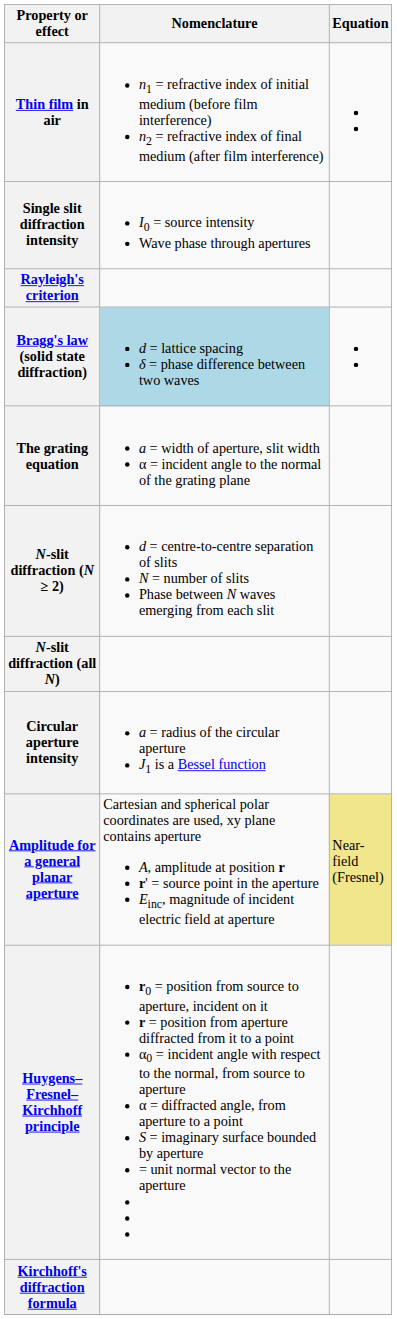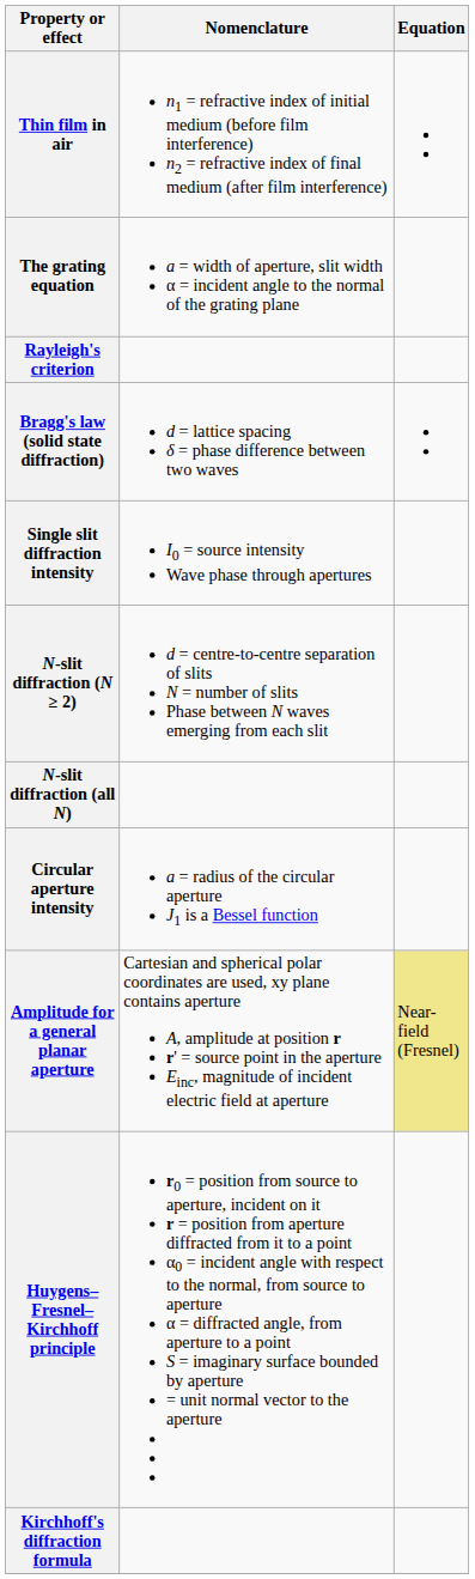 <table class="wikitable">
 <tr>
 <th scope="col" width="100">Property or effect</th>
 <th scope="col" width="250">Nomenclature</th>
 <th scope="col" width="10">Equation</th>
 </tr>
 <tr>
 <th><a href='#'>Thin film</a> in air</th>
 <td><br><ul><li><em>n</em><sub>1</sub> = refractive index of initial medium (before film interference)</li><li><em>n</em><sub>2</sub> = refractive index of final medium (after film interference)</li></ul></td>
 <td><br><ul><li></li><li></li></ul></td>
 </tr>
 <tr>
-<th>Single slit diffraction intensity</th>
-<td><br><ul><li><em>I</em><sub>0</sub> = source intensity</li><li>Wave phase through apertures</li></ul>  </td>
-<td> <br></td>
+<th>The grating equation</th>
+<td><br><ul><li><em>a</em> = width of aperture, slit width</li><li>α = incident angle to the normal of the grating plane</li></ul></td>
+<td></td>
 </tr>
 <tr>
 <th><a href='#'>Rayleigh's criterion</a></th>
 <td></td>
 <td></td>
 </tr>
 <tr>
 <th><a href='#'>Bragg's law</a> (solid state diffraction)</th>
-<td style="background: lightblue;"><br><ul><li><em>d</em> = lattice spacing</li><li><em>δ</em> = phase difference between two waves</li></ul></td>
+<td><br><ul><li><em>d</em> = lattice spacing</li><li><em>δ</em> = phase difference between two waves</li></ul></td>
 <td><br><ul><li></li><li></li></ul><br></td>
 </tr>
 <tr>
-<th>The grating equation</th>
-<td><br><ul><li><em>a</em> = width of aperture, slit width</li><li>α = incident angle to the normal of the grating plane</li></ul></td>
-<td></td>
+<th>Single slit diffraction intensity</th>
+<td><br><ul><li><em>I</em><sub>0</sub> = source intensity</li><li>Wave phase through apertures</li></ul>  </td>
+<td> <br></td>
 </tr>
 <tr>
 <th><em>N</em>-slit diffraction (<em>N</em> ≥ 2)</th>
 <td><br><ul><li><em>d</em> = centre-to-centre separation of slits</li><li><em>N</em> = number of slits</li><li>Phase between <em>N</em> waves emerging from each slit</li></ul> </td>
 <td> <br></td>
 </tr>
 <tr>
 <th><em>N</em>-slit diffraction (all <em>N</em>)</th>
 <td></td>
 <td></td>
 </tr>
 <tr>
 <th>Circular aperture intensity</th>
 <td><br><ul><li><em>a</em> = radius of the circular aperture</li><li><em>J</em><sub>1</sub> is a <a href='#'>Bessel function</a></li></ul></td>
 <td></td>
 </tr>
 <tr>
 <th><a href='#'>Amplitude for a general planar aperture</a></th>
 <td>Cartesian and spherical polar coordinates are used, xy plane contains aperture<br><ul><li><em>A</em>, amplitude at position <strong>r</strong></li><li><strong>r</strong>' = source point in the aperture</li><li><em>E</em><sub>inc</sub>, magnitude of incident electric field at aperture</li></ul></td>
 <td style="background: khaki;">Near-field (Fresnel)<br><br></td>
 </tr>
 <tr>
 <th><a href='#'>Huygens–Fresnel–Kirchhoff principle</a></th>
 <td><br><ul><li><strong>r</strong><sub>0</sub> = position from source to aperture, incident on it</li><li><strong>r</strong> = position from aperture diffracted from it to a point</li><li>α<sub>0</sub> = incident angle with respect to the normal, from source to aperture</li><li>α = diffracted angle, from aperture to a point</li><li><em>S</em> = imaginary surface bounded by aperture</li><li> = unit normal vector to the aperture</li><li></li><li></li><li></li></ul></td>
 <td></td>
 </tr>
 <tr>
 <th><a href='#'>Kirchhoff's diffraction formula</a></th>
 <td></td>
 <td></td>
 </tr>
 <tr>
 </tr>
 </table>
